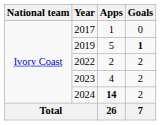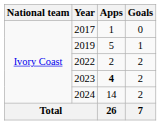 <table class=wikitable style=text-align:center>
 <tr>
 <th>National team</th>
 <th>Year</th>
 <th>Apps</th>
 <th>Goals</th>
 </tr>
 <tr>
 <td rowspan="5"><a href='#'>Ivory Coast</a></td>
 <td>2017</td>
 <td>1</td>
 <td>0</td>
 </tr>
 <tr>
 <td>2019</td>
 <td>5</td>
-<td><strong>1</strong></td>
+<td>1</td>
 </tr>
 <tr>
 <td>2022</td>
 <td>2</td>
 <td>2</td>
 </tr>
 <tr>
 <td>2023</td>
-<td>4</td>
+<td><strong>4</strong></td>
 <td>2</td>
 </tr>
 <tr>
 <td>2024</td>
-<td><strong>14</strong></td>
+<td>14</td>
 <td>2</td>
 </tr>
 <tr>
 <th colspan=2>Total</th>
 <th>26</th>
 <th>7</th>
 </tr>
 </table>
